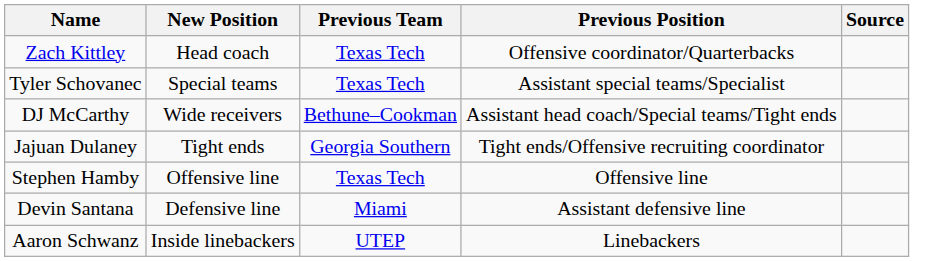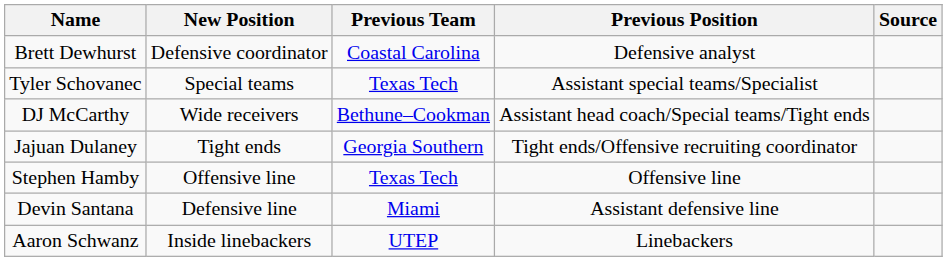 <table class="wikitable">
 <tr>
 <th style="text-align:center; ">Name</th>
 <th style="text-align:center; ">New Position</th>
 <th style="text-align:center; ">Previous Team</th>
 <th style="text-align:center; ">Previous Position</th>
 <th style="text-align:center; ">Source</th>
 </tr>
 <tr align="center">
-<td><a href='#'>Zach Kittley</a></td>
-<td>Head coach</td>
-<td><a href='#'>Texas Tech</a></td>
-<td>Offensive coordinator/Quarterbacks</td>
+<td>Brett Dewhurst</td>
+<td>Defensive coordinator</td>
+<td><a href='#'>Coastal Carolina</a></td>
+<td>Defensive analyst</td>
 <td></td>
 </tr>
 <tr align="center">
 <td>Tyler Schovanec</td>
 <td>Special teams</td>
 <td><a href='#'>Texas Tech</a></td>
 <td>Assistant special teams/Specialist</td>
 <td></td>
 </tr>
 <tr align="center">
 <td>DJ McCarthy</td>
 <td>Wide receivers</td>
 <td><a href='#'>Bethune–Cookman</a></td>
 <td>Assistant head coach/Special teams/Tight ends</td>
 <td></td>
 </tr>
 <tr align="center">
 <td>Jajuan Dulaney</td>
 <td>Tight ends</td>
 <td><a href='#'>Georgia Southern</a></td>
 <td>Tight ends/Offensive recruiting coordinator</td>
 <td></td>
 </tr>
 <tr align="center">
 <td>Stephen Hamby</td>
 <td>Offensive line</td>
 <td><a href='#'>Texas Tech</a></td>
 <td>Offensive line</td>
 <td></td>
 </tr>
 <tr align="center">
 <td>Devin Santana</td>
 <td>Defensive line</td>
 <td><a href='#'>Miami</a></td>
 <td>Assistant defensive line</td>
 <td></td>
 </tr>
 <tr align="center">
 <td>Aaron Schwanz</td>
 <td>Inside linebackers</td>
 <td><a href='#'>UTEP</a></td>
 <td>Linebackers</td>
 <td></td>
 </tr>
 </table>
